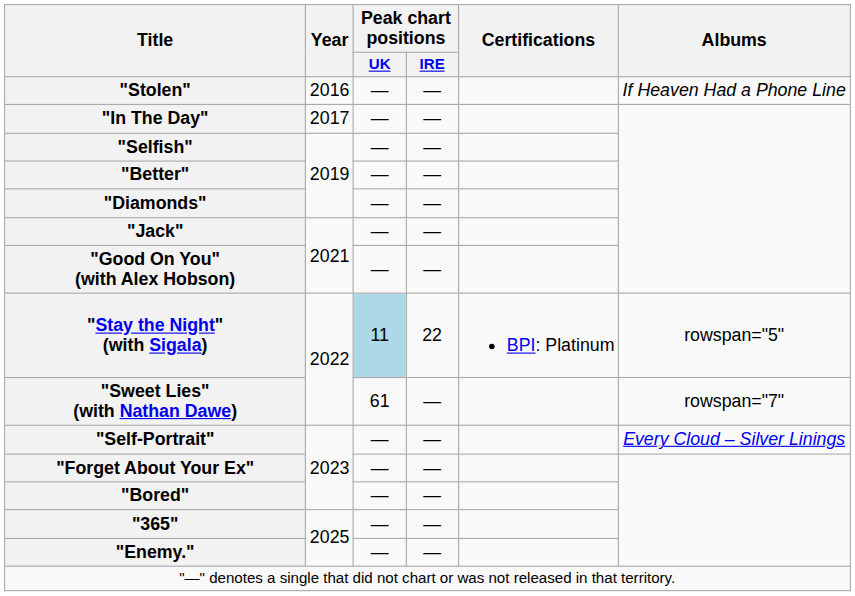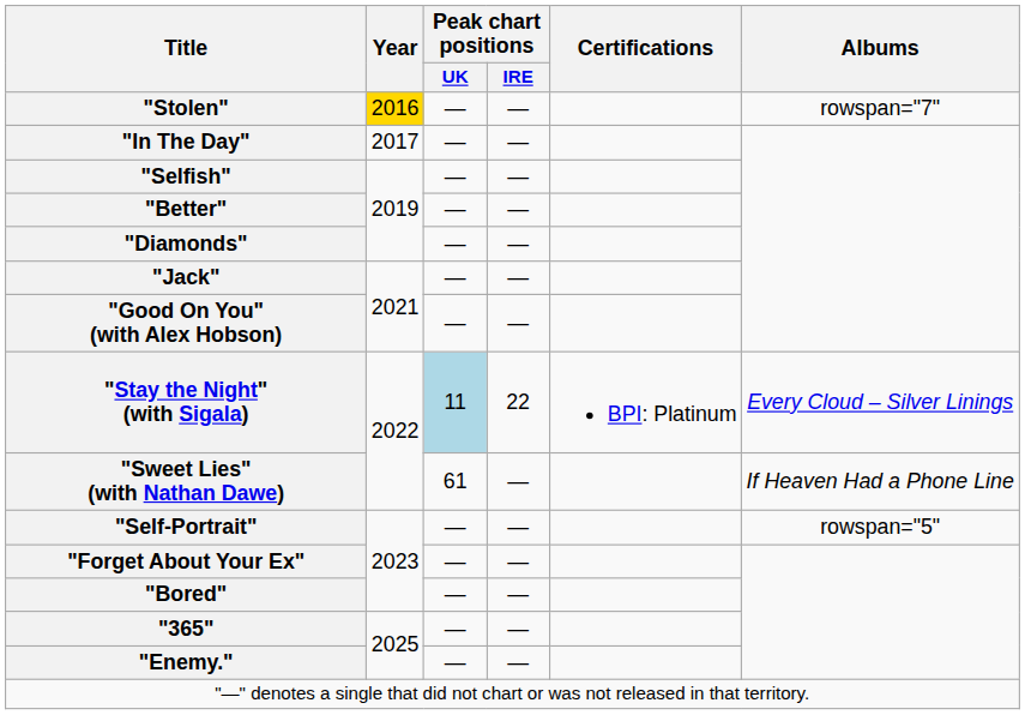 <table class="wikitable plainrowheaders" style="text-align:center;">
 <tr>
 <th scope="col" rowspan="2" style="width:16.5em;">Title</th>
 <th scope="col" rowspan="2">Year</th>
 <th scope="col" colspan="2">Peak chart positions</th>
 <th scope="col" rowspan="2">Certifications</th>
 <th scope="col" rowspan="2">Albums</th>
 </tr>
 <tr>
 <th scope="col" style="width:3em;font-size:85%;"><a href='#'>UK</a><br></th>
 <th scope="col" style="width:3em;font-size:85%;"><a href='#'>IRE</a><br></th>
 </tr>
 <tr>
 <th scope="Row">"Stolen"</th>
-<td>2016</td>
+<td style="background: gold;">2016</td>
 <td>—</td>
 <td>—</td>
 <td></td>
-<td><em>If Heaven Had a Phone Line</em></td>
+<td>rowspan="7" </td>
 </tr>
 <tr>
 <th scope="Row">"In The Day"</th>
 <td>2017</td>
 <td>—</td>
 <td>—</td>
 <td></td>
 </tr>
 <tr>
 <th scope="row">"Selfish"</th>
 <td rowspan="3">2019</td>
 <td>—</td>
 <td>—</td>
 <td></td>
 </tr>
 <tr>
 <th Scope="row">"Better"</th>
 <td>—</td>
 <td>—</td>
 <td></td>
 </tr>
 <tr>
 <th scope="row">"Diamonds"</th>
 <td>—</td>
 <td>—</td>
 <td></td>
 </tr>
 <tr>
 <th Scope="row">"Jack"</th>
 <td rowspan="2">2021</td>
 <td>—</td>
 <td>—</td>
 <td></td>
 </tr>
 <tr>
 <th scope="row">"Good On You"<br><span>(with Alex Hobson)</span></th>
 <td>—</td>
 <td>—</td>
 <td></td>
 </tr>
 <tr>
 <th scope="row">"<a href='#'>Stay the Night</a>"<br><span>(with <a href='#'>Sigala</a>)</span></th>
 <td rowspan="2">2022</td>
 <td style="background: lightblue;">11</td>
 <td>22</td>
 <td><br><ul><li><a href='#'>BPI</a>: Platinum</li></ul></td>
-<td>rowspan="5" </td>
+<td><em><a href='#'>Every Cloud – Silver Linings</a></em></td>
 </tr>
 <tr>
 <th scope="row">"Sweet Lies"<br><span>(with <a href='#'>Nathan Dawe</a>)</span></th>
 <td>61</td>
 <td>—</td>
 <td></td>
-<td>rowspan="7" </td>
+<td><em>If Heaven Had a Phone Line</em></td>
 </tr>
 <tr>
 <th scope="Row">"Self-Portrait"</th>
 <td rowspan="3">2023</td>
 <td>—</td>
 <td>—</td>
 <td></td>
-<td><em><a href='#'>Every Cloud – Silver Linings</a></em></td>
+<td>rowspan="5" </td>
 </tr>
 <tr>
 <th scope="Row">"Forget About Your Ex"</th>
 <td>—</td>
 <td>—</td>
 <td></td>
 </tr>
 <tr>
 <th scope="Row">"Bored"</th>
 <td>—</td>
 <td>—</td>
 <td></td>
 </tr>
 <tr>
 <th scope="Row">"365"</th>
 <td rowspan="2">2025</td>
 <td>—</td>
 <td>—</td>
 <td></td>
 </tr>
 <tr>
 <th scope="Row">"Enemy."</th>
 <td>—</td>
 <td>—</td>
 <td></td>
 </tr>
 <tr>
 <td colspan="20" style="font-size:85%">"—" denotes a single that did not chart or was not released in that territory.</td>
 </tr>
 </table>
